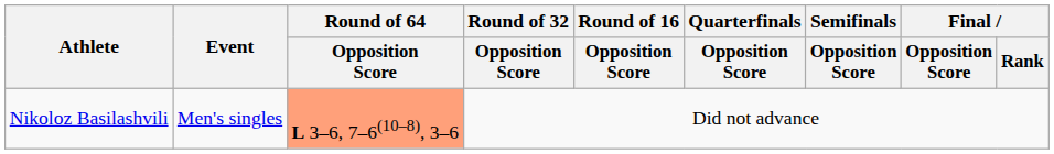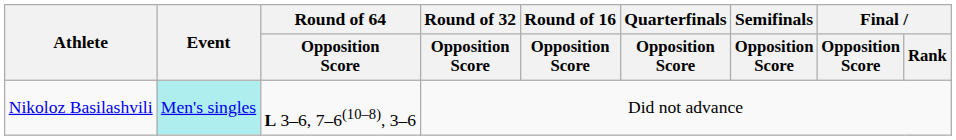 <table class=wikitable style="font-size:90%">
 <tr>
 <th rowspan="2">Athlete</th>
 <th rowspan="2">Event</th>
 <th>Round of 64</th>
 <th>Round of 32</th>
 <th>Round of 16</th>
 <th>Quarterfinals</th>
 <th>Semifinals</th>
 <th colspan=2>Final / </th>
 </tr>
 <tr style="font-size:95%">
 <th>Opposition<br>Score</th>
 <th>Opposition<br>Score</th>
 <th>Opposition<br>Score</th>
 <th>Opposition<br>Score</th>
 <th>Opposition<br>Score</th>
 <th>Opposition<br>Score</th>
 <th>Rank</th>
 </tr>
 <tr align=center>
 <td align=left><a href='#'>Nikoloz Basilashvili</a></td>
-<td align=left><a href='#'>Men's singles</a></td>
-<td style="background: lightsalmon;"><br><strong>L</strong> 3–6, 7–6<sup>(10–8)</sup>, 3–6</td>
+<td align=left style="background: paleturquoise;"><a href='#'>Men's singles</a></td>
+<td><br><strong>L</strong> 3–6, 7–6<sup>(10–8)</sup>, 3–6</td>
 <td colspan=6>Did not advance</td>
 </tr>
 </table>
